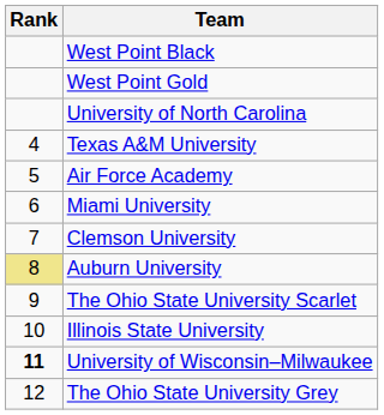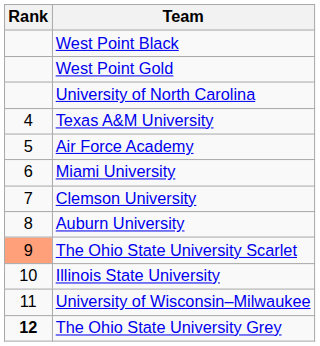 <table class="wikitable">
 <tr>
 <th>Rank</th>
 <th>Team</th>
 </tr>
 <tr>
 <td align=center></td>
 <td align="left"><a href='#'>West Point Black</a></td>
 </tr>
 <tr>
 <td align=center></td>
 <td align="left"><a href='#'>West Point Gold</a></td>
 </tr>
 <tr>
 <td align=center></td>
 <td align="left"><a href='#'>University of North Carolina</a></td>
 </tr>
 <tr>
 <td align=center>4</td>
 <td align="left"><a href='#'>Texas A&M University</a></td>
 </tr>
 <tr>
 <td align=center>5</td>
 <td align="left"><a href='#'>Air Force Academy</a></td>
 </tr>
 <tr>
 <td align=center>6</td>
 <td align="left"><a href='#'>Miami University</a></td>
 </tr>
 <tr>
 <td align=center>7</td>
 <td align="left"><a href='#'>Clemson University</a></td>
 </tr>
 <tr>
-<td align=center style="background: khaki;">8</td>
+<td align=center>8</td>
 <td align="left"><a href='#'>Auburn University</a></td>
 </tr>
 <tr>
-<td align=center>9</td>
+<td align=center style="background: lightsalmon;">9</td>
 <td align="left"><a href='#'>The Ohio State University Scarlet</a></td>
 </tr>
 <tr>
 <td align=center>10</td>
 <td align="left"><a href='#'>Illinois State University</a></td>
 </tr>
 <tr>
-<td align=center><strong>11</strong></td>
+<td align=center>11</td>
 <td align="left"><a href='#'>University of Wisconsin–Milwaukee</a></td>
 </tr>
 <tr>
-<td align=center>12</td>
+<td align=center><strong>12</strong></td>
 <td align="left"><a href='#'>The Ohio State University Grey</a></td>
 </tr>
 </table>
